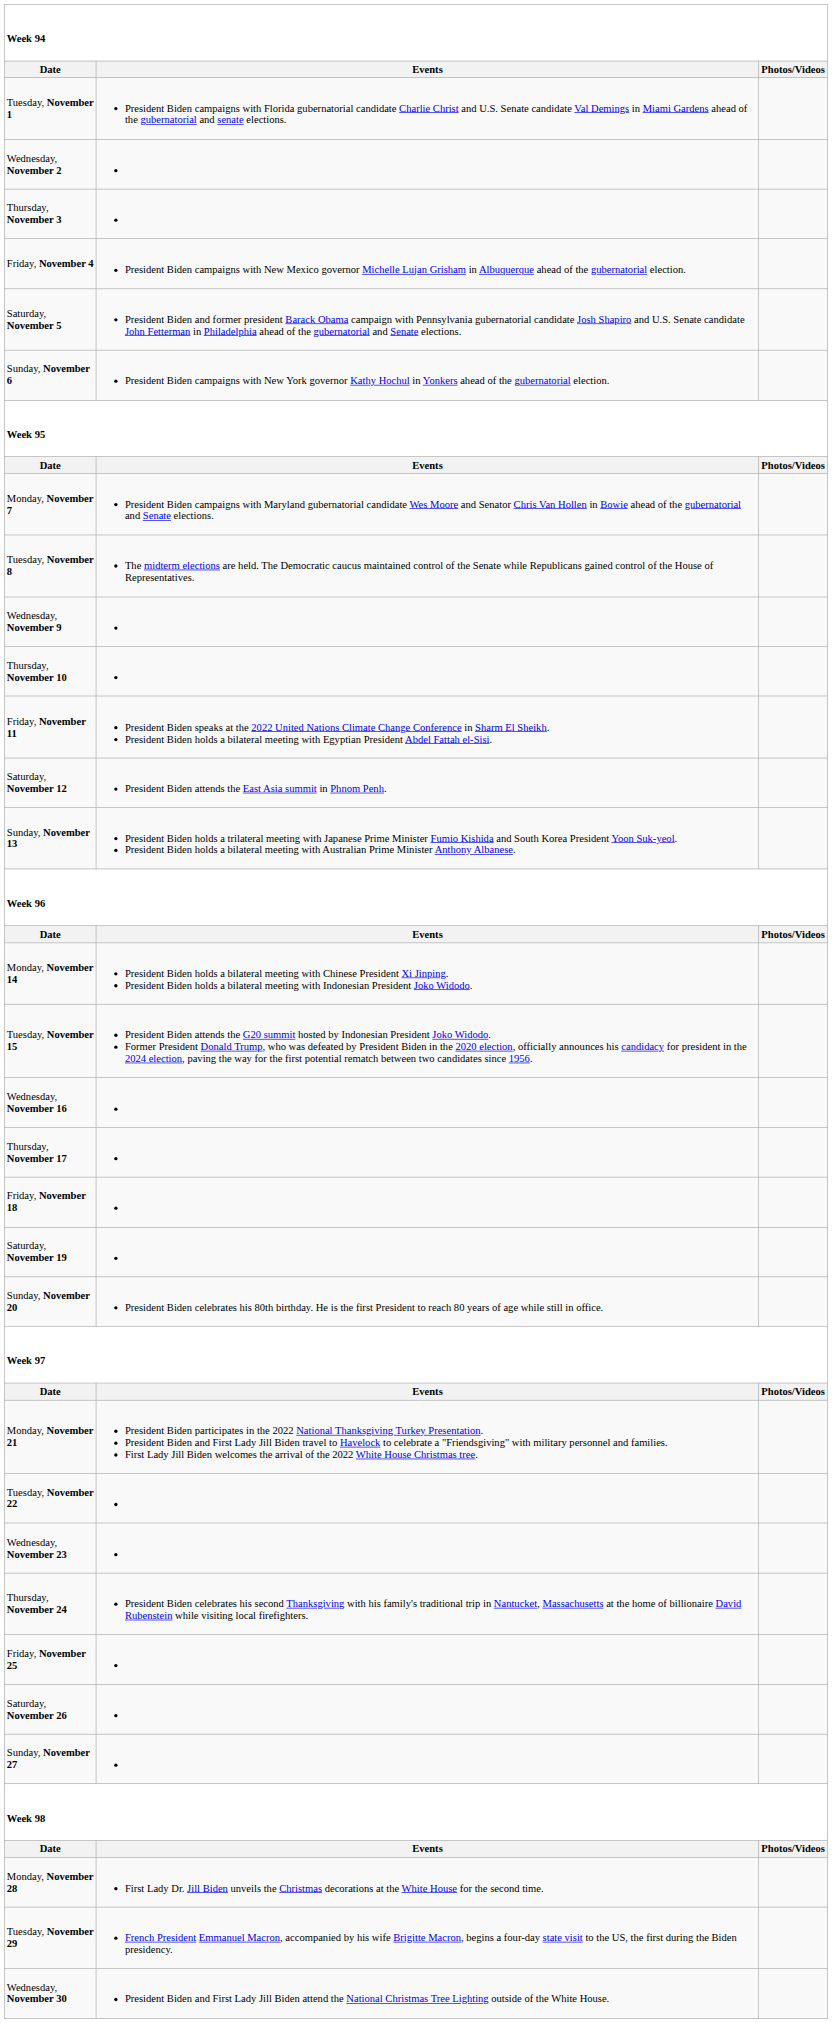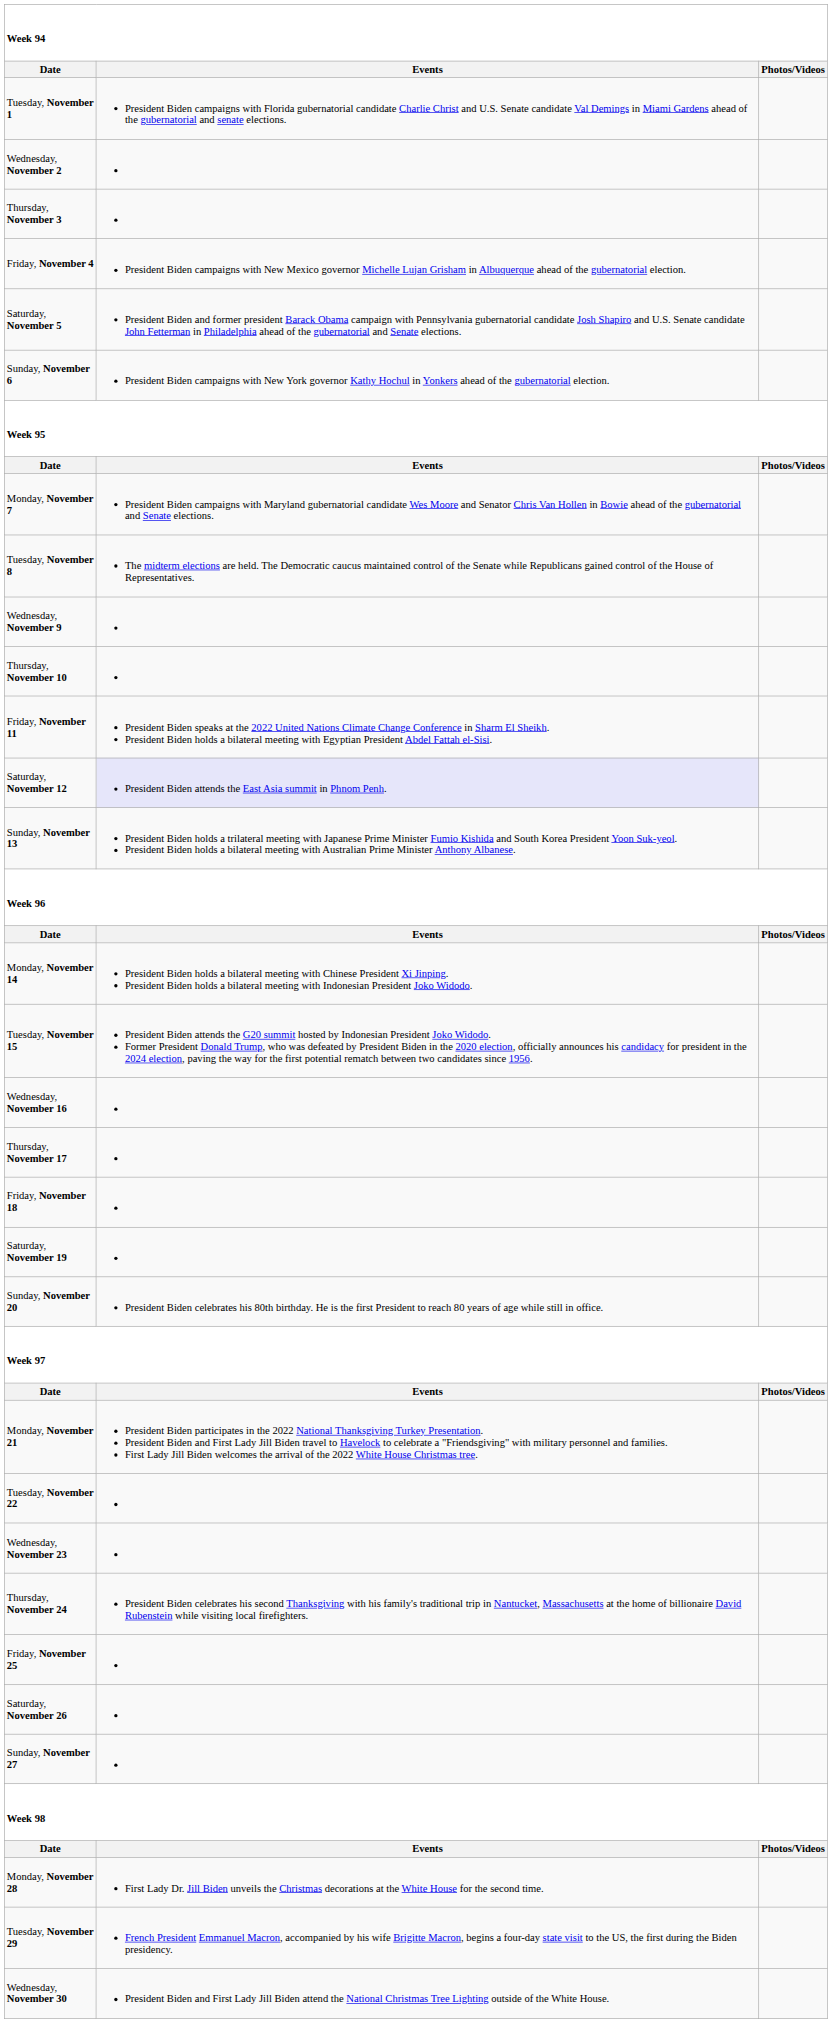 <table class="wikitable">
 <tr style="background:white;">
 <td colspan="3"><br><h4>Week 94</h4></td>
 </tr>
 <tr>
 <th>Date</th>
 <th>Events</th>
 <th>Photos/Videos</th>
 </tr>
 <tr>
 <td>Tuesday, <strong>November 1</strong></td>
 <td><br><ul><li>President Biden campaigns with Florida gubernatorial candidate <a href='#'>Charlie Christ</a> and U.S. Senate candidate <a href='#'>Val Demings</a> in <a href='#'>Miami Gardens</a> ahead of the <a href='#'>gubernatorial</a> and <a href='#'>senate</a> elections.</li></ul></td>
 <td></td>
 </tr>
 <tr>
 <td>Wednesday, <strong>November 2</strong></td>
 <td><br><ul><li></li></ul></td>
 <td></td>
 </tr>
 <tr>
 <td>Thursday, <strong>November 3</strong></td>
 <td><br><ul><li></li></ul></td>
 <td></td>
 </tr>
 <tr>
 <td>Friday, <strong>November 4</strong></td>
 <td><br><ul><li>President Biden campaigns with New Mexico governor <a href='#'>Michelle Lujan Grisham</a> in <a href='#'>Albuquerque</a> ahead of the <a href='#'>gubernatorial</a> election.</li></ul></td>
 <td></td>
 </tr>
 <tr>
 <td>Saturday, <strong>November 5</strong></td>
 <td><br><ul><li>President Biden and former president <a href='#'>Barack Obama</a> campaign with Pennsylvania gubernatorial candidate <a href='#'>Josh Shapiro</a> and U.S. Senate candidate <a href='#'>John Fetterman</a> in <a href='#'>Philadelphia</a> ahead of the <a href='#'>gubernatorial</a> and <a href='#'>Senate</a> elections.</li></ul></td>
 <td></td>
 </tr>
 <tr>
 <td>Sunday, <strong>November 6</strong></td>
 <td><br><ul><li>President Biden campaigns with New York governor <a href='#'>Kathy Hochul</a> in <a href='#'>Yonkers</a> ahead of the <a href='#'>gubernatorial</a> election.</li></ul></td>
 <td></td>
 </tr>
 <tr style="background:white;">
 <td colspan="3"><br><h4>Week 95</h4></td>
 </tr>
 <tr>
 <th>Date</th>
 <th>Events</th>
 <th>Photos/Videos</th>
 </tr>
 <tr>
 <td>Monday, <strong>November 7</strong></td>
 <td><br><ul><li>President Biden campaigns with Maryland gubernatorial candidate <a href='#'>Wes Moore</a> and Senator <a href='#'>Chris Van Hollen</a> in <a href='#'>Bowie</a> ahead of the <a href='#'>gubernatorial</a> and <a href='#'>Senate</a> elections.</li></ul></td>
 <td></td>
 </tr>
 <tr>
 <td>Tuesday, <strong>November 8</strong></td>
 <td><br><ul><li>The <a href='#'>midterm elections</a> are held. The Democratic caucus maintained control of the Senate while Republicans gained control of the House of Representatives.</li></ul></td>
 <td></td>
 </tr>
 <tr>
 <td>Wednesday, <strong>November 9</strong></td>
 <td><br><ul><li></li></ul></td>
 <td></td>
 </tr>
 <tr>
 <td>Thursday, <strong>November 10</strong></td>
 <td><br><ul><li></li></ul></td>
 <td></td>
 </tr>
 <tr>
 <td>Friday, <strong>November 11</strong></td>
 <td><br><ul><li>President Biden speaks at the <a href='#'>2022 United Nations Climate Change Conference</a> in <a href='#'>Sharm El Sheikh</a>.</li><li>President Biden holds a bilateral meeting with Egyptian President <a href='#'>Abdel Fattah el-Sisi</a>.</li></ul></td>
 <td></td>
 </tr>
 <tr>
 <td>Saturday, <strong>November 12</strong></td>
-<td><br><ul><li>President Biden attends the <a href='#'>East Asia summit</a> in <a href='#'>Phnom Penh</a>.</li></ul></td>
+<td style="background: lavender;"><br><ul><li>President Biden attends the <a href='#'>East Asia summit</a> in <a href='#'>Phnom Penh</a>.</li></ul></td>
 <td></td>
 </tr>
 <tr>
 <td>Sunday, <strong>November 13</strong></td>
 <td><br><ul><li>President Biden holds a trilateral meeting with Japanese Prime Minister <a href='#'>Fumio Kishida</a> and South Korea President <a href='#'>Yoon Suk-yeol</a>.</li><li>President Biden holds a bilateral meeting with Australian Prime Minister <a href='#'>Anthony Albanese</a>.</li></ul></td>
 <td></td>
 </tr>
 <tr style="background:white;">
 <td colspan="3"><br><h4>Week 96</h4></td>
 </tr>
 <tr>
 <th>Date</th>
 <th>Events</th>
 <th>Photos/Videos</th>
 </tr>
 <tr>
 <td>Monday, <strong>November 14</strong></td>
 <td><br><ul><li>President Biden holds a bilateral meeting with Chinese President <a href='#'>Xi Jinping</a>.</li><li>President Biden holds a bilateral meeting with Indonesian President <a href='#'>Joko Widodo</a>.</li></ul></td>
 <td></td>
 </tr>
 <tr>
 <td>Tuesday, <strong>November 15</strong></td>
 <td><br><ul><li>President Biden attends the <a href='#'>G20 summit</a> hosted by Indonesian President <a href='#'>Joko Widodo</a>.</li><li>Former President <a href='#'>Donald Trump</a>, who was defeated by President Biden in the <a href='#'>2020 election</a>, officially announces his <a href='#'>candidacy</a> for president in the <a href='#'>2024 election</a>, paving the way for the first potential rematch between two candidates since <a href='#'>1956</a>.</li></ul></td>
 <td></td>
 </tr>
 <tr>
 <td>Wednesday, <strong>November 16</strong></td>
 <td><br><ul><li></li></ul></td>
 <td></td>
 </tr>
 <tr>
 <td>Thursday, <strong>November 17</strong></td>
 <td><br><ul><li></li></ul></td>
 <td></td>
 </tr>
 <tr>
 <td>Friday, <strong>November 18</strong></td>
 <td><br><ul><li></li></ul></td>
 <td></td>
 </tr>
 <tr>
 <td>Saturday, <strong>November 19</strong></td>
 <td><br><ul><li></li></ul></td>
 <td></td>
 </tr>
 <tr>
 <td>Sunday, <strong>November 20</strong></td>
 <td><br><ul><li>President Biden celebrates his 80th birthday. He is the first President to reach 80 years of age while still in office.</li></ul></td>
 <td></td>
 </tr>
 <tr style="background:white;">
 <td colspan="3"><br><h4>Week 97</h4></td>
 </tr>
 <tr>
 <th>Date</th>
 <th>Events</th>
 <th>Photos/Videos</th>
 </tr>
 <tr>
 <td>Monday, <strong>November 21</strong></td>
 <td><br><ul><li>President Biden participates in the 2022 <a href='#'>National Thanksgiving Turkey Presentation</a>.</li><li>President Biden and First Lady Jill Biden travel to <a href='#'>Havelock</a> to celebrate a "Friendsgiving" with military personnel and families.</li><li>First Lady Jill Biden welcomes the arrival of the 2022 <a href='#'>White House Christmas tree</a>.</li></ul></td>
 <td><br></td>
 </tr>
 <tr>
 <td>Tuesday, <strong>November 22</strong></td>
 <td><br><ul><li></li></ul></td>
 <td></td>
 </tr>
 <tr>
 <td>Wednesday, <strong>November 23</strong></td>
 <td><br><ul><li></li></ul></td>
 <td></td>
 </tr>
 <tr>
 <td>Thursday, <strong>November 24</strong></td>
 <td><br><ul><li>President Biden celebrates his second <a href='#'>Thanksgiving</a> with his family's traditional trip in <a href='#'>Nantucket</a>, <a href='#'>Massachusetts</a> at the home of billionaire <a href='#'>David Rubenstein</a> while visiting local firefighters.</li></ul></td>
 <td></td>
 </tr>
 <tr>
 <td>Friday, <strong>November 25</strong></td>
 <td><br><ul><li></li></ul></td>
 <td></td>
 </tr>
 <tr>
 <td>Saturday, <strong>November 26</strong></td>
 <td><br><ul><li></li></ul></td>
 <td></td>
 </tr>
 <tr>
 <td>Sunday, <strong>November 27</strong></td>
 <td><br><ul><li></li></ul></td>
 <td></td>
 </tr>
 <tr style="background:white;">
 <td colspan="3"><br><h4>Week 98</h4></td>
 </tr>
 <tr>
 <th>Date</th>
 <th>Events</th>
 <th>Photos/Videos</th>
 </tr>
 <tr>
 <td>Monday, <strong>November 28</strong></td>
 <td><br><ul><li>First Lady Dr. <a href='#'>Jill Biden</a> unveils the <a href='#'>Christmas</a> decorations at the <a href='#'>White House</a> for the second time.</li></ul></td>
 <td></td>
 </tr>
 <tr>
 <td>Tuesday, <strong>November 29</strong></td>
 <td><br><ul><li><a href='#'>French President</a> <a href='#'>Emmanuel Macron</a>, accompanied by his wife <a href='#'>Brigitte Macron</a>, begins a four-day <a href='#'>state visit</a> to the US, the first during the Biden presidency.</li></ul></td>
 <td></td>
 </tr>
 <tr>
 <td>Wednesday, <strong>November 30</strong></td>
 <td><br><ul><li>President Biden and First Lady Jill Biden attend the <a href='#'>National Christmas Tree Lighting</a> outside of the White House.</li></ul></td>
 <td></td>
 </tr>
 </table>
